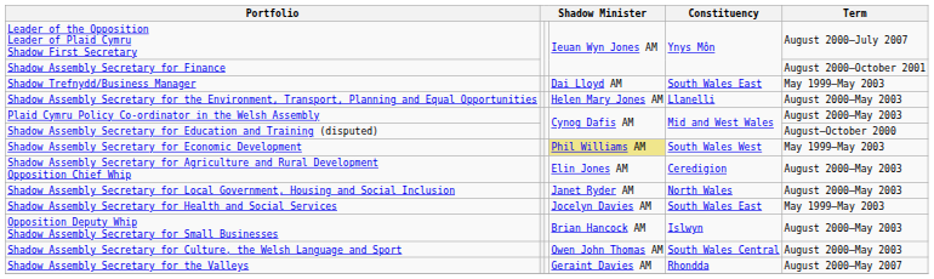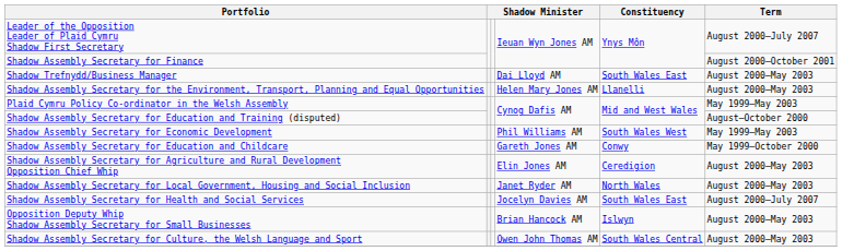 <table class="wikitable">
 <tr>
 <th colspan="1">Portfolio</th>
 <th colspan="3">Shadow Minister</th>
 <th colspan="1">Constituency</th>
 <th colspan="1">Term</th>
 </tr>
 <tr>
 <td><a href='#'>Leader of the Opposition</a><br><a href='#'>Leader of Plaid Cymru</a><br><a href='#'>Shadow First Secretary</a></td>
 <td rowspan="2" style="background: "></td>
 <td rowspan="2"></td>
 <td rowspan="2"><a href='#'>Ieuan Wyn Jones</a> AM</td>
 <td rowspan="2"><a href='#'>Ynys Môn</a></td>
 <td>August 2000–July 2007</td>
 </tr>
 <tr>
 <td><a href='#'>Shadow Assembly Secretary for Finance</a></td>
 <td>August 2000–October 2001</td>
 </tr>
 <tr>
 <td><a href='#'>Shadow Trefnydd/Business Manager</a></td>
 <th style="background: "></th>
 <td></td>
 <td><a href='#'>Dai Lloyd</a> AM</td>
 <td><a href='#'>South Wales East</a></td>
-<td>May 1999–May 2003</td>
+<td>August 2000–May 2003</td>
 </tr>
 <tr>
 <td><a href='#'>Shadow Assembly Secretary for the Environment, Transport, Planning and Equal Opportunities</a></td>
 <th style="background-color: "></th>
 <td></td>
 <td><a href='#'>Helen Mary Jones</a> AM</td>
 <td><a href='#'>Llanelli</a></td>
 <td>August 2000–May 2003</td>
 </tr>
 <tr>
 <td><a href='#'>Plaid Cymru Policy Co-ordinator in the Welsh Assembly</a></td>
 <th rowspan="2" style="background-color: "></th>
 <td rowspan="2"></td>
 <td rowspan="2"><a href='#'>Cynog Dafis</a> AM</td>
 <td rowspan="2"><a href='#'>Mid and West Wales</a></td>
-<td>August 2000–May 2003</td>
+<td>May 1999–May 2003</td>
 </tr>
 <tr>
 <td><a href='#'>Shadow Assembly Secretary for Education and Training</a> (disputed)</td>
 <td>August–October 2000</td>
 </tr>
 <tr>
 <td><a href='#'>Shadow Assembly Secretary for Economic Development</a></td>
 <th style="background-color: "></th>
 <td></td>
-<td style="background: khaki;"><a href='#'>Phil Williams</a> AM</td>
+<td><a href='#'>Phil Williams</a> AM</td>
 <td><a href='#'>South Wales West</a></td>
 <td>May 1999–May 2003</td>
+</tr>
+<tr>
+<td><a href='#'>Shadow Assembly Secretary for Education and Childcare</a></td>
+<th style="background-color: "></th>
+<td></td>
+<td><a href='#'>Gareth Jones</a> AM</td>
+<td><a href='#'>Conwy</a></td>
+<td>May 1999–October 2000</td>
 </tr>
 <tr>
 <td><a href='#'>Shadow Assembly Secretary for Agriculture and Rural Development</a><br><a href='#'>Opposition Chief Whip</a></td>
 <th style="background-color: "></th>
 <td></td>
 <td><a href='#'>Elin Jones</a> AM</td>
 <td><a href='#'>Ceredigion</a></td>
 <td>August 2000–May 2003</td>
 </tr>
 <tr>
 <td><a href='#'>Shadow Assembly Secretary for Local Government, Housing and Social Inclusion</a></td>
 <th style="background-color: "></th>
 <td></td>
 <td><a href='#'>Janet Ryder</a> AM</td>
 <td><a href='#'>North Wales</a></td>
 <td>August 2000–May 2003</td>
 </tr>
 <tr>
 <td><a href='#'>Shadow Assembly Secretary for Health and Social Services</a></td>
 <th style="background-color: "></th>
 <td></td>
 <td><a href='#'>Jocelyn Davies</a> AM</td>
 <td><a href='#'>South Wales East</a></td>
-<td>May 1999–May 2003</td>
+<td>August 2000–July 2007</td>
 </tr>
 <tr>
 <td><a href='#'>Opposition Deputy Whip</a><br><a href='#'>Shadow Assembly Secretary for Small Businesses</a></td>
 <th style="background-color: "></th>
 <td></td>
 <td><a href='#'>Brian Hancock</a> AM</td>
 <td><a href='#'>Islwyn</a></td>
 <td>August 2000–May 2003</td>
 </tr>
 <tr>
 <td><a href='#'>Shadow Assembly Secretary for Culture, the Welsh Language and Sport</a></td>
 <th style="background-color: "></th>
 <td></td>
 <td><a href='#'>Owen John Thomas</a> AM</td>
 <td><a href='#'>South Wales Central</a></td>
 <td>August 2000–May 2003</td>
 </tr>
 <tr>
-<td><a href='#'>Shadow Assembly Secretary for the Valleys</a></td>
-<th style="background-color: "></th>
-<td></td>
-<td><a href='#'>Geraint Davies</a> AM</td>
-<td><a href='#'>Rhondda</a></td>
-<td>August 2000–May 2007</td>
-</tr>
-<tr>
 </tr>
 </table>
